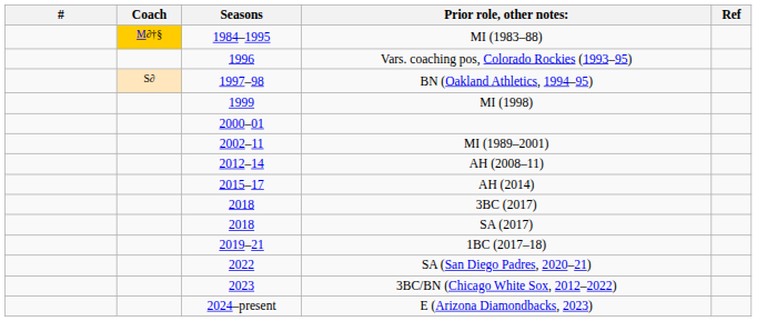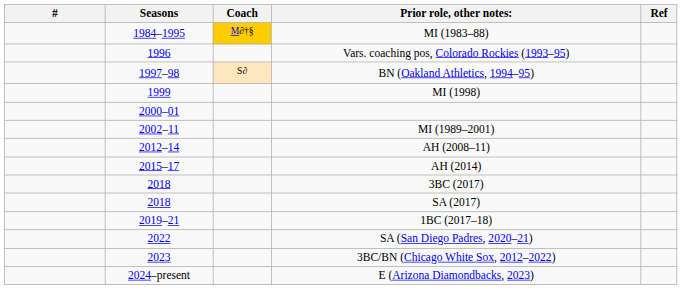 <table class="wikitable sortable" style="text-align:center; width:74%">
 <tr>
 <th width="15%">#</th>
+<th>Seasons</th>
 <th>Coach</th>
-<th>Seasons</th>
 <th class="unsortable">Prior role, other notes:</th>
 <th class="unsortable">Ref</th>
 </tr>
 <tr>
 <td></td>
+<td><a href='#'>1984</a>–<a href='#'>1995</a></td>
 <td style="background-color:#ffcc00"> <sup><a href='#'>M</a>∂†§</sup></td>
-<td><a href='#'>1984</a>–<a href='#'>1995</a></td>
 <td>MI (1983–88)</td>
 <td></td>
 </tr>
 <tr>
 <td></td>
+<td><a href='#'>1996</a></td>
 <td></td>
-<td><a href='#'>1996</a></td>
 <td>Vars. coaching pos, <a href='#'>Colorado Rockies</a> (<a href='#'>1993</a>–<a href='#'>95</a>)</td>
 <td></td>
 </tr>
 <tr>
 <td></td>
+<td><a href='#'>1997</a>–<a href='#'>98</a></td>
 <td style="background-color:#ffe6bd"> <sup>S∂</sup></td>
-<td><a href='#'>1997</a>–<a href='#'>98</a></td>
 <td>BN (<a href='#'>Oakland Athletics</a>, <a href='#'>1994</a>–<a href='#'>95</a>)</td>
 <td></td>
 </tr>
 <tr>
 <td></td>
+<td><a href='#'>1999</a></td>
 <td></td>
-<td><a href='#'>1999</a></td>
 <td>MI (1998)</td>
 <td></td>
 </tr>
 <tr>
 <td></td>
+<td><a href='#'>2000</a>–<a href='#'>01</a></td>
 <td></td>
-<td><a href='#'>2000</a>–<a href='#'>01</a></td>
 <td></td>
 <td></td>
 </tr>
 <tr>
 <td></td>
+<td><a href='#'>2002</a>–<a href='#'>11</a></td>
 <td></td>
-<td><a href='#'>2002</a>–<a href='#'>11</a></td>
 <td>MI (1989–2001)</td>
 <td></td>
 </tr>
 <tr>
 <td></td>
+<td><a href='#'>2012</a>–<a href='#'>14</a></td>
 <td></td>
-<td><a href='#'>2012</a>–<a href='#'>14</a></td>
 <td>AH (2008–11)</td>
 <td></td>
 </tr>
 <tr>
 <td></td>
+<td><a href='#'>2015</a>–<a href='#'>17</a></td>
 <td></td>
-<td><a href='#'>2015</a>–<a href='#'>17</a></td>
 <td>AH (2014)</td>
 <td></td>
 </tr>
 <tr>
 <td></td>
+<td><a href='#'>2018</a></td>
 <td></td>
-<td><a href='#'>2018</a></td>
 <td>3BC (2017)</td>
 <td></td>
 </tr>
 <tr>
 <td></td>
+<td><a href='#'>2018</a></td>
 <td></td>
-<td><a href='#'>2018</a></td>
 <td>SA (2017)</td>
 <td></td>
 </tr>
 <tr>
 <td></td>
+<td><a href='#'>2019</a>–<a href='#'>21</a></td>
 <td></td>
-<td><a href='#'>2019</a>–<a href='#'>21</a></td>
 <td>1BC (2017–18)</td>
 <td></td>
 </tr>
 <tr>
 <td></td>
+<td><a href='#'>2022</a></td>
 <td></td>
-<td><a href='#'>2022</a></td>
 <td>SA (<a href='#'>San Diego Padres</a>, <a href='#'>2020</a>–<a href='#'>21</a>)</td>
 <td></td>
 </tr>
 <tr>
 <td></td>
+<td><a href='#'>2023</a></td>
 <td></td>
-<td><a href='#'>2023</a></td>
 <td>3BC/BN (<a href='#'>Chicago White Sox</a>, <a href='#'>2012</a>–<a href='#'>2022</a>)</td>
 <td></td>
 </tr>
 <tr>
 <td></td>
+<td><a href='#'>2024</a>–present</td>
 <td></td>
-<td><a href='#'>2024</a>–present</td>
 <td>E (<a href='#'>Arizona Diamondbacks</a>, <a href='#'>2023</a>)</td>
 <td></td>
 </tr>
 </table>
